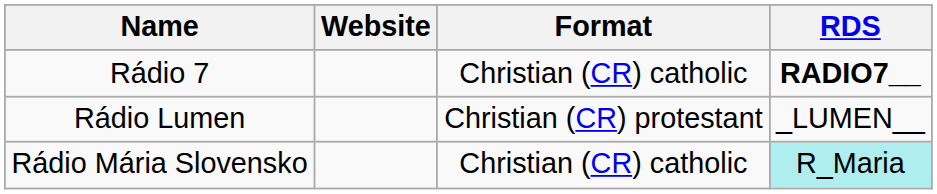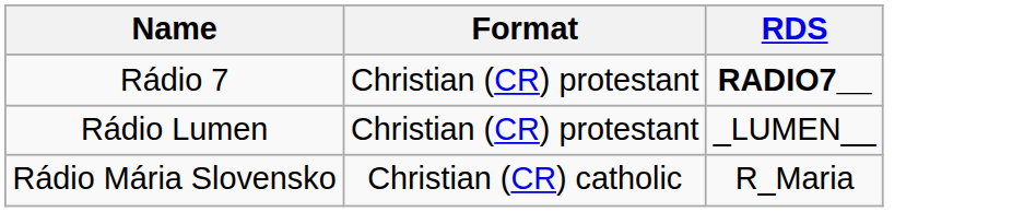 <table class="wikitable" style="text-align: center;">
 <tr>
 <th>Name</th>
-<th>Website</th>
 <th>Format</th>
 <th><a href='#'>RDS</a></th>
 </tr>
 <tr>
 <td>Rádio 7</td>
-<td></td>
-<td>Christian (<a href='#'>CR</a>) catholic</td>
+<td>Christian (<a href='#'>CR</a>) protestant</td>
 <td><strong>RADIO7__</strong></td>
 </tr>
 <tr>
 <td>Rádio Lumen</td>
-<td></td>
 <td>Christian (<a href='#'>CR</a>) protestant</td>
 <td>_LUMEN__</td>
 </tr>
 <tr>
 <td>Rádio Mária Slovensko</td>
-<td></td>
 <td>Christian (<a href='#'>CR</a>) catholic</td>
-<td style="background: paleturquoise;">R_Maria</td>
+<td>R_Maria</td>
 </tr>
 </table>
